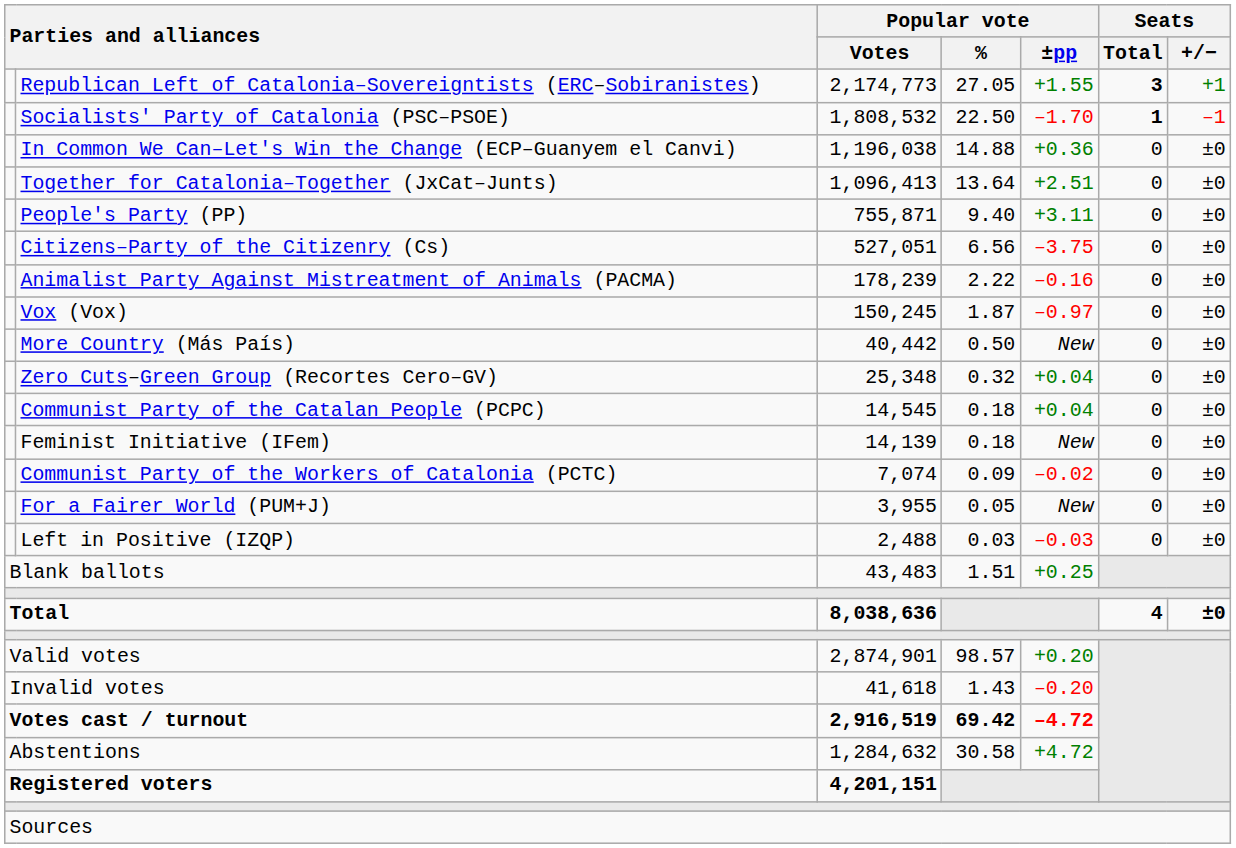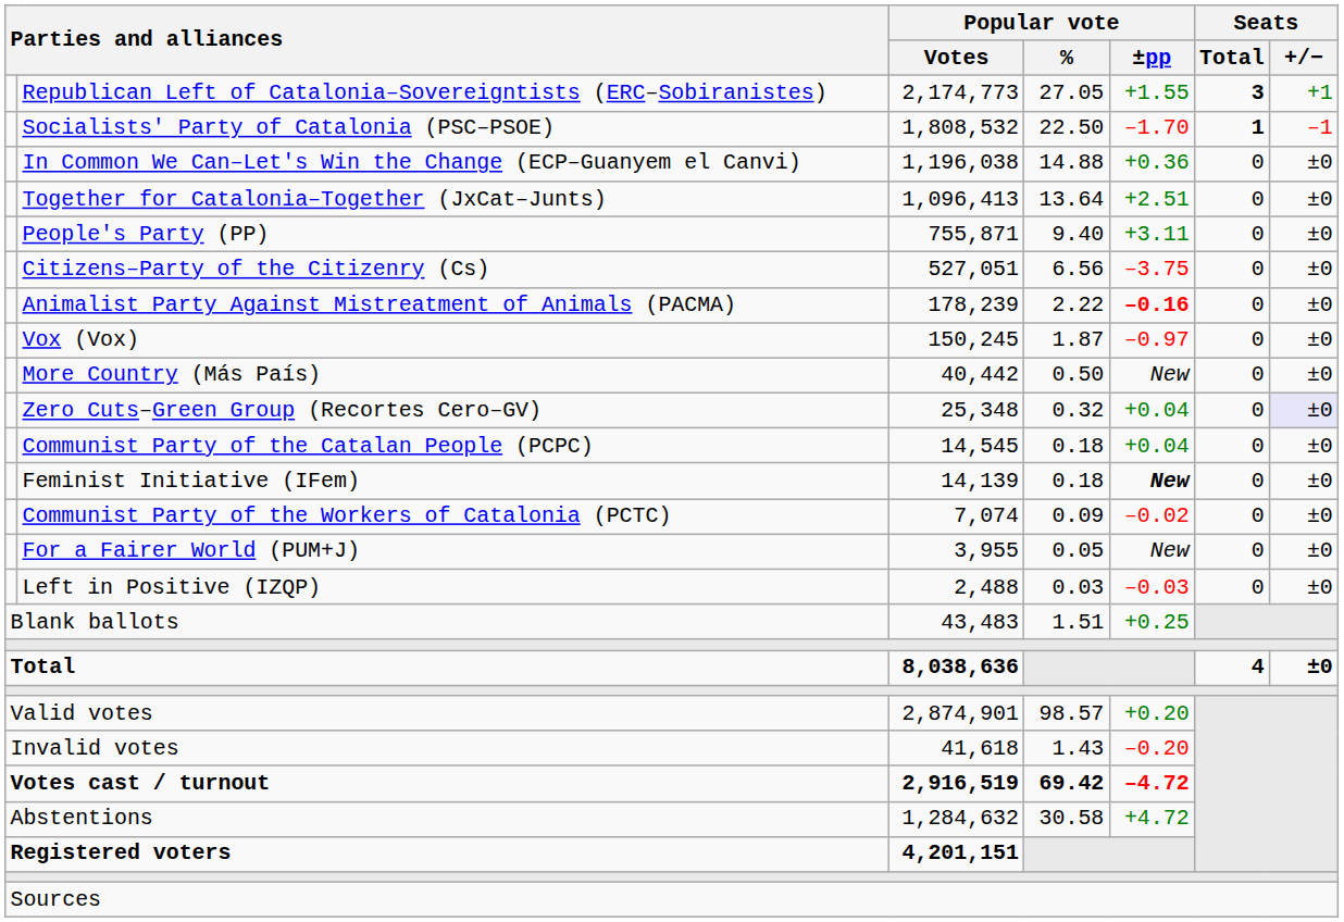 <table class="wikitable" style="text-align:right;">
 <tr>
 <th style="text-align:left;" rowspan="2" colspan="2" width="525">Parties and alliances</th>
 <th colspan="3">Popular vote</th>
 <th colspan="2">Seats</th>
 </tr>
 <tr>
 <th width="75">Votes</th>
 <th width="45">%</th>
 <th width="45">±<a href='#'>pp</a></th>
 <th width="35">Total</th>
 <th width="35">+/−</th>
 </tr>
 <tr>
 <td width="1" style="color:inherit;background:"></td>
 <td align="left"><a href='#'>Republican Left of Catalonia–Sovereigntists</a> (<a href='#'>ERC</a>–<a href='#'>Sobiranistes</a>)</td>
 <td>2,174,773</td>
 <td>27.05</td>
 <td style="color:green;">+1.55</td>
 <td><strong>3</strong></td>
 <td style="color:green;">+1</td>
 </tr>
 <tr>
 <td style="color:inherit;background:"></td>
 <td align="left"><a href='#'>Socialists' Party of Catalonia</a> (PSC–PSOE)</td>
 <td>1,808,532</td>
 <td>22.50</td>
 <td style="color:red;">–1.70</td>
 <td><strong>1</strong></td>
 <td style="color:red;">–1</td>
 </tr>
 <tr>
 <td style="color:inherit;background:"></td>
 <td align="left"><a href='#'>In Common We Can–Let's Win the Change</a> (ECP–Guanyem el Canvi)</td>
 <td>1,196,038</td>
 <td>14.88</td>
 <td style="color:green;">+0.36</td>
 <td>0</td>
 <td>±0</td>
 </tr>
 <tr>
 <td style="color:inherit;background:"></td>
 <td align="left"><a href='#'>Together for Catalonia–Together</a> (JxCat–Junts)</td>
 <td>1,096,413</td>
 <td>13.64</td>
 <td style="color:green;">+2.51</td>
 <td>0</td>
 <td>±0</td>
 </tr>
 <tr>
 <td style="color:inherit;background:"></td>
 <td align="left"><a href='#'>People's Party</a> (PP)</td>
 <td>755,871</td>
 <td>9.40</td>
 <td style="color:green;">+3.11</td>
 <td>0</td>
 <td>±0</td>
 </tr>
 <tr>
 <td style="color:inherit;background:"></td>
 <td align="left"><a href='#'>Citizens–Party of the Citizenry</a> (Cs)</td>
 <td>527,051</td>
 <td>6.56</td>
 <td style="color:red;">–3.75</td>
 <td>0</td>
 <td>±0</td>
 </tr>
 <tr>
 <td style="color:inherit;background:"></td>
 <td align="left"><a href='#'>Animalist Party Against Mistreatment of Animals</a> (PACMA)</td>
 <td>178,239</td>
 <td>2.22</td>
-<td style="color:red;">–0.16</td>
+<td style="color:red;"><strong>–0.16</strong></td>
 <td>0</td>
 <td>±0</td>
 </tr>
 <tr>
 <td style="color:inherit;background:"></td>
 <td align="left"><a href='#'>Vox</a> (Vox)</td>
 <td>150,245</td>
 <td>1.87</td>
 <td style="color:red;">–0.97</td>
 <td>0</td>
 <td>±0</td>
 </tr>
 <tr>
 <td style="color:inherit;background:"></td>
 <td align="left"><a href='#'>More Country</a> (Más País)</td>
 <td>40,442</td>
 <td>0.50</td>
 <td><em>New</em></td>
 <td>0</td>
 <td>±0</td>
 </tr>
 <tr>
 <td style="color:inherit;background:"></td>
 <td align="left"><a href='#'>Zero Cuts</a>–<a href='#'>Green Group</a> (Recortes Cero–GV)</td>
 <td>25,348</td>
 <td>0.32</td>
 <td style="color:green;">+0.04</td>
 <td>0</td>
-<td>±0</td>
+<td style="background: lavender;">±0</td>
 </tr>
 <tr>
 <td style="color:inherit;background:"></td>
 <td align="left"><a href='#'>Communist Party of the Catalan People</a> (PCPC)</td>
 <td>14,545</td>
 <td>0.18</td>
 <td style="color:green;">+0.04</td>
 <td>0</td>
 <td>±0</td>
 </tr>
 <tr>
 <td style="color:inherit;background:"></td>
 <td align="left">Feminist Initiative (IFem)</td>
 <td>14,139</td>
 <td>0.18</td>
-<td><em>New</em></td>
+<td><strong><em>New</em></strong></td>
 <td>0</td>
 <td>±0</td>
 </tr>
 <tr>
 <td style="color:inherit;background:"></td>
 <td align="left"><a href='#'>Communist Party of the Workers of Catalonia</a> (PCTC)</td>
 <td>7,074</td>
 <td>0.09</td>
 <td style="color:red;">–0.02</td>
 <td>0</td>
 <td>±0</td>
 </tr>
 <tr>
 <td style="color:inherit;background:"></td>
 <td align="left"><a href='#'>For a Fairer World</a> (PUM+J)</td>
 <td>3,955</td>
 <td>0.05</td>
 <td><em>New</em></td>
 <td>0</td>
 <td>±0</td>
 </tr>
 <tr>
 <td style="color:inherit;background:"></td>
 <td align="left">Left in Positive (IZQP)</td>
 <td>2,488</td>
 <td>0.03</td>
 <td style="color:red;">–0.03</td>
 <td>0</td>
 <td>±0</td>
 </tr>
 <tr>
 <td align="left" colspan="2">Blank ballots</td>
 <td>43,483</td>
 <td>1.51</td>
 <td style="color:green;">+0.25</td>
 <td bgcolor="#E9E9E9" colspan="2"></td>
 </tr>
 <tr>
 <td colspan="7" bgcolor="#E9E9E9"></td>
 </tr>
 <tr style="font-weight:bold;">
 <td align="left" colspan="2">Total</td>
 <td>8,038,636</td>
 <td bgcolor="#E9E9E9" colspan="2"></td>
 <td>4</td>
 <td>±0</td>
 </tr>
 <tr>
 <td colspan="7" bgcolor="#E9E9E9"></td>
 </tr>
 <tr>
 <td align="left" colspan="2">Valid votes</td>
 <td>2,874,901</td>
 <td>98.57</td>
 <td style="color:green;">+0.20</td>
 <td bgcolor="#E9E9E9" colspan="2" rowspan="5"></td>
 </tr>
 <tr>
 <td align="left" colspan="2">Invalid votes</td>
 <td>41,618</td>
 <td>1.43</td>
 <td style="color:red;">–0.20</td>
 </tr>
 <tr style="font-weight:bold;">
 <td align="left" colspan="2">Votes cast / turnout</td>
 <td>2,916,519</td>
 <td>69.42</td>
 <td style="color:red;">–4.72</td>
 </tr>
 <tr>
 <td align="left" colspan="2">Abstentions</td>
 <td>1,284,632</td>
 <td>30.58</td>
 <td style="color:green;">+4.72</td>
 </tr>
 <tr style="font-weight:bold;">
 <td align="left" colspan="2">Registered voters</td>
 <td>4,201,151</td>
 <td bgcolor="#E9E9E9" colspan="2"></td>
 </tr>
 <tr>
 <td colspan="7" bgcolor="#E9E9E9"></td>
 </tr>
 <tr>
 <td align="left" colspan="7">Sources</td>
 </tr>
 </table>
